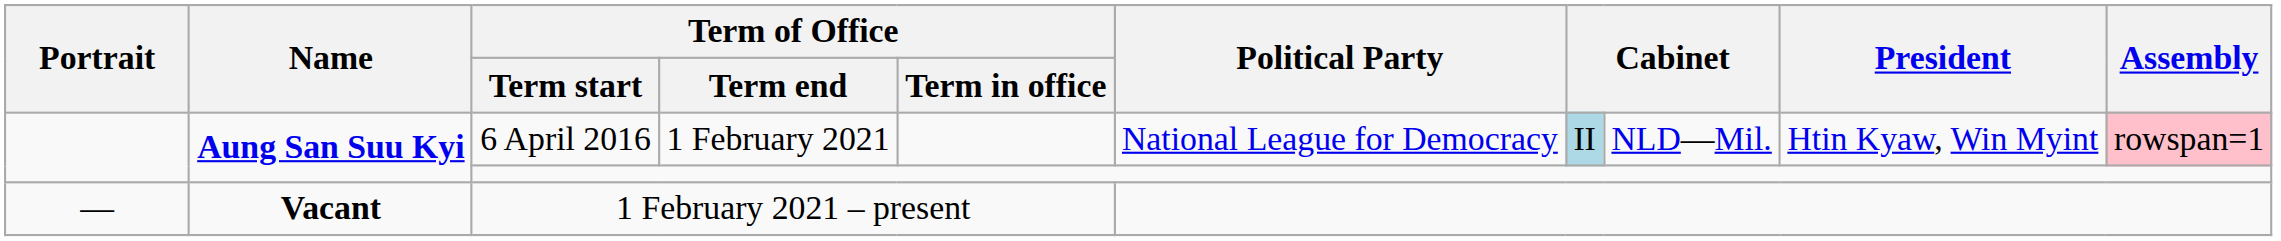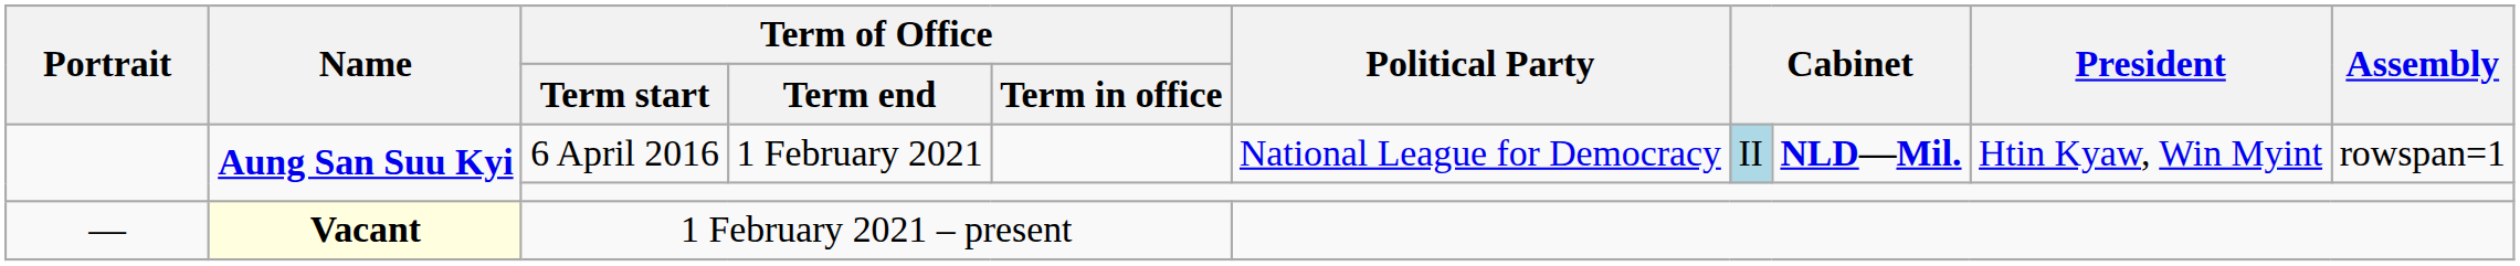 <table class="wikitable" style="text-align:center; border:1px #AAAAFF solid;">
 <tr>
 <th width=80 rowspan=2>Portrait</th>
 <th rowspan=2>Name<br></th>
 <th colspan=3>Term of Office</th>
 <th rowspan=2>Political Party</th>
 <th rowspan=2 colspan=2>Cabinet</th>
 <th rowspan=2><a href='#'>President</a></th>
 <th rowspan=2><a href='#'>Assembly</a></th>
 </tr>
 <tr>
 <th>Term start</th>
 <th>Term end</th>
 <th>Term in office</th>
 </tr>
 <tr>
 <td rowspan="2" align=center></td>
 <td rowspan="2" align=center><strong><a href='#'>Aung San Suu Kyi</a></strong><br></td>
 <td align=center>6 April 2016</td>
 <td align=center>1 February 2021</td>
 <td></td>
 <td align=center><a href='#'>National League for Democracy</a></td>
 <td style="background: lightblue;">II</td>
-<td><a href='#'>NLD</a>—<a href='#'>Mil.</a></td>
+<td><strong><a href='#'>NLD</a>—<a href='#'>Mil.</a></strong></td>
 <td><a href='#'>Htin Kyaw</a>, <a href='#'>Win Myint</a></td>
-<td style="background: pink;">rowspan=1  <a href='#'></a></td>
+<td>rowspan=1  <a href='#'></a></td>
 </tr>
 <tr>
 <td colspan="10" align=left></td>
 </tr>
 <tr>
 <td align=center>—</td>
-<td align=center><strong>Vacant</strong></td>
+<td align=center style="background: lightyellow;"><strong>Vacant</strong></td>
 <td align=center colspan=3>1 February 2021 – present</td>
 <td colspan=6 align=center></td>
 </tr>
 </table>
